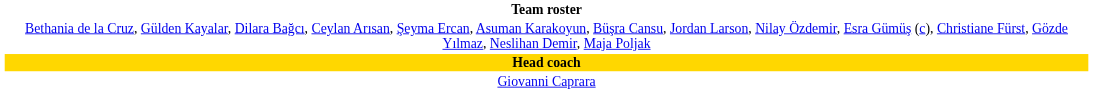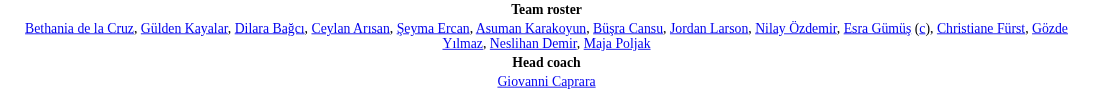 <table style="text-align: center; margin-top: 2em; margin-left: auto; margin-right: auto">
 <tr>
 <td><strong>Team roster</strong></td>
 </tr>
 <tr>
 <td><a href='#'>Bethania de la Cruz</a>, <a href='#'>Gülden Kayalar</a>, <a href='#'>Dilara Bağcı</a>, <a href='#'>Ceylan Arısan</a>, <a href='#'>Şeyma Ercan</a>, <a href='#'>Asuman Karakoyun</a>, <a href='#'>Büşra Cansu</a>, <a href='#'>Jordan Larson</a>, <a href='#'>Nilay Özdemir</a>, <a href='#'>Esra Gümüş</a> (<a href='#'>c</a>), <a href='#'>Christiane Fürst</a>, <a href='#'>Gözde Yılmaz</a>, <a href='#'>Neslihan Demir</a>, <a href='#'>Maja Poljak</a></td>
 </tr>
 <tr>
-<td style="background: gold;"><strong>Head coach</strong></td>
+<td><strong>Head coach</strong></td>
 </tr>
 <tr>
 <td><a href='#'>Giovanni Caprara</a></td>
 </tr>
 </table>
